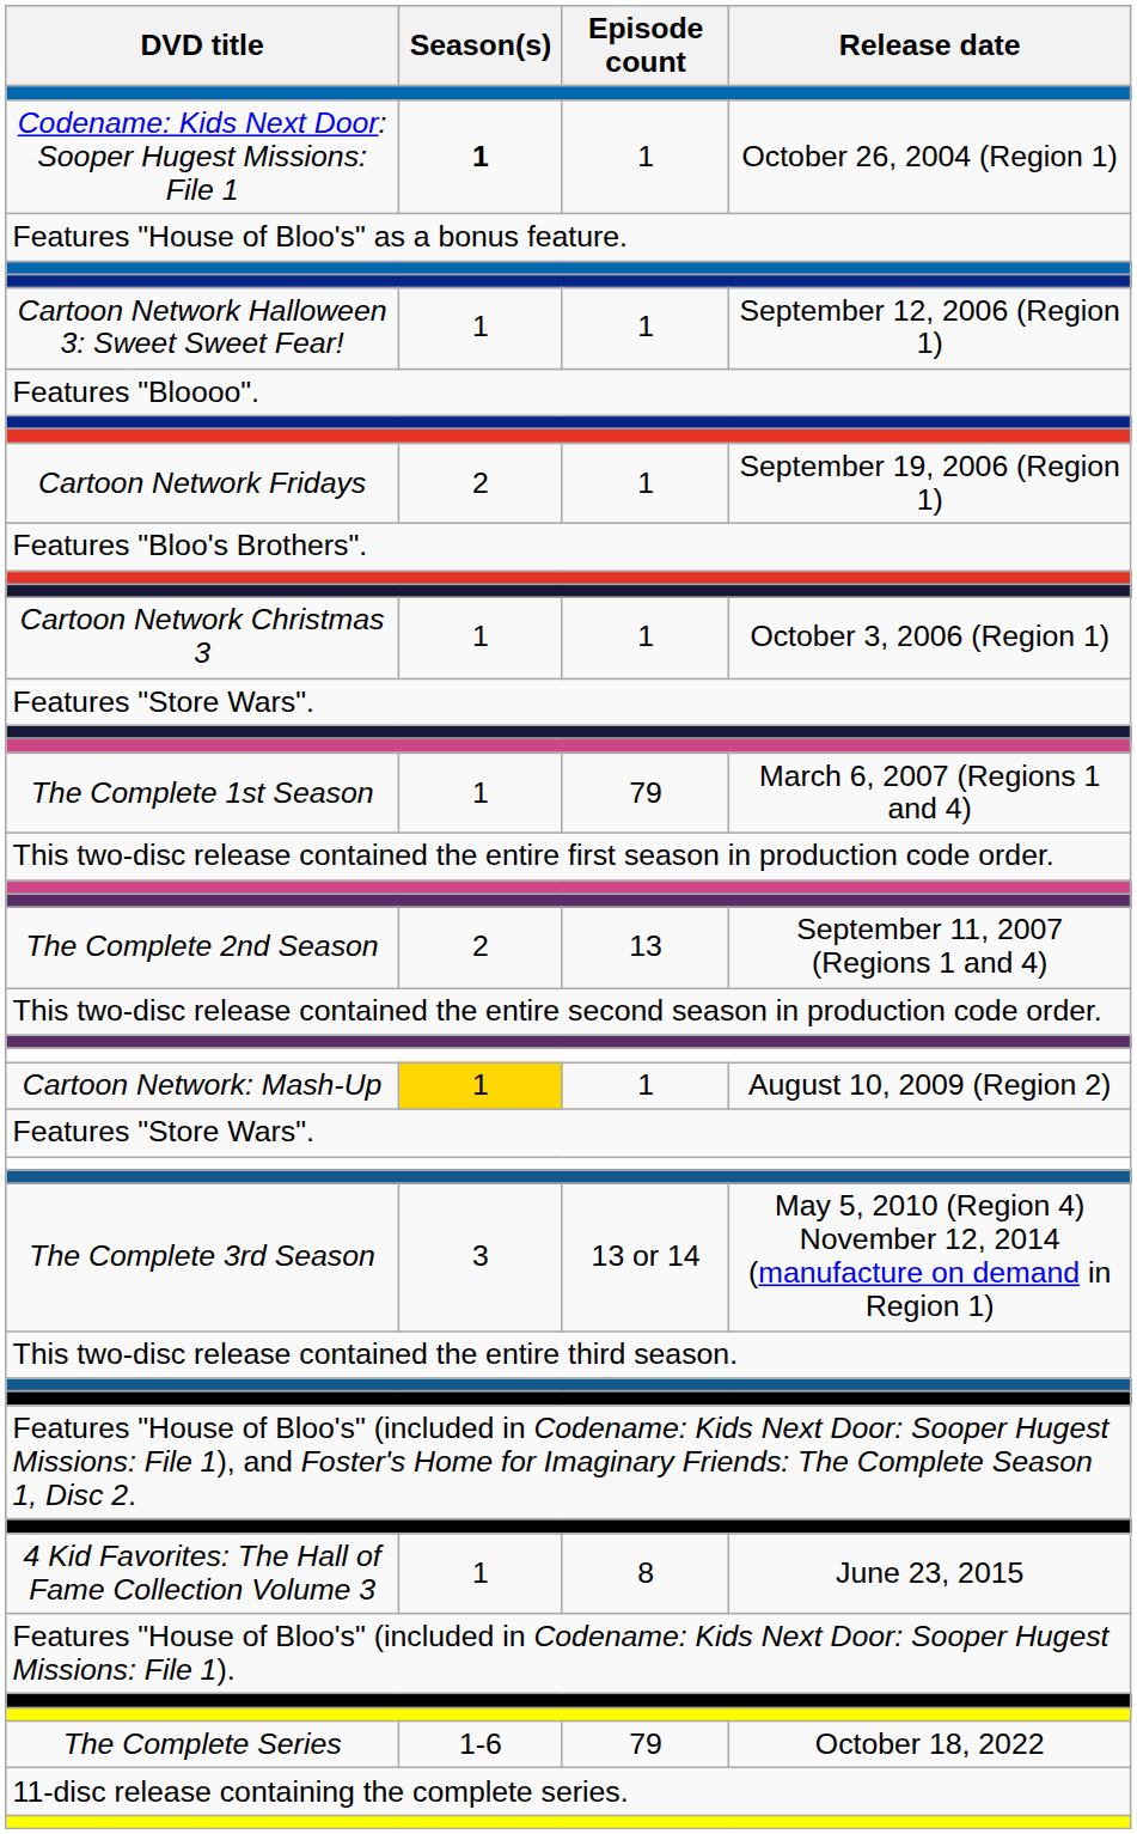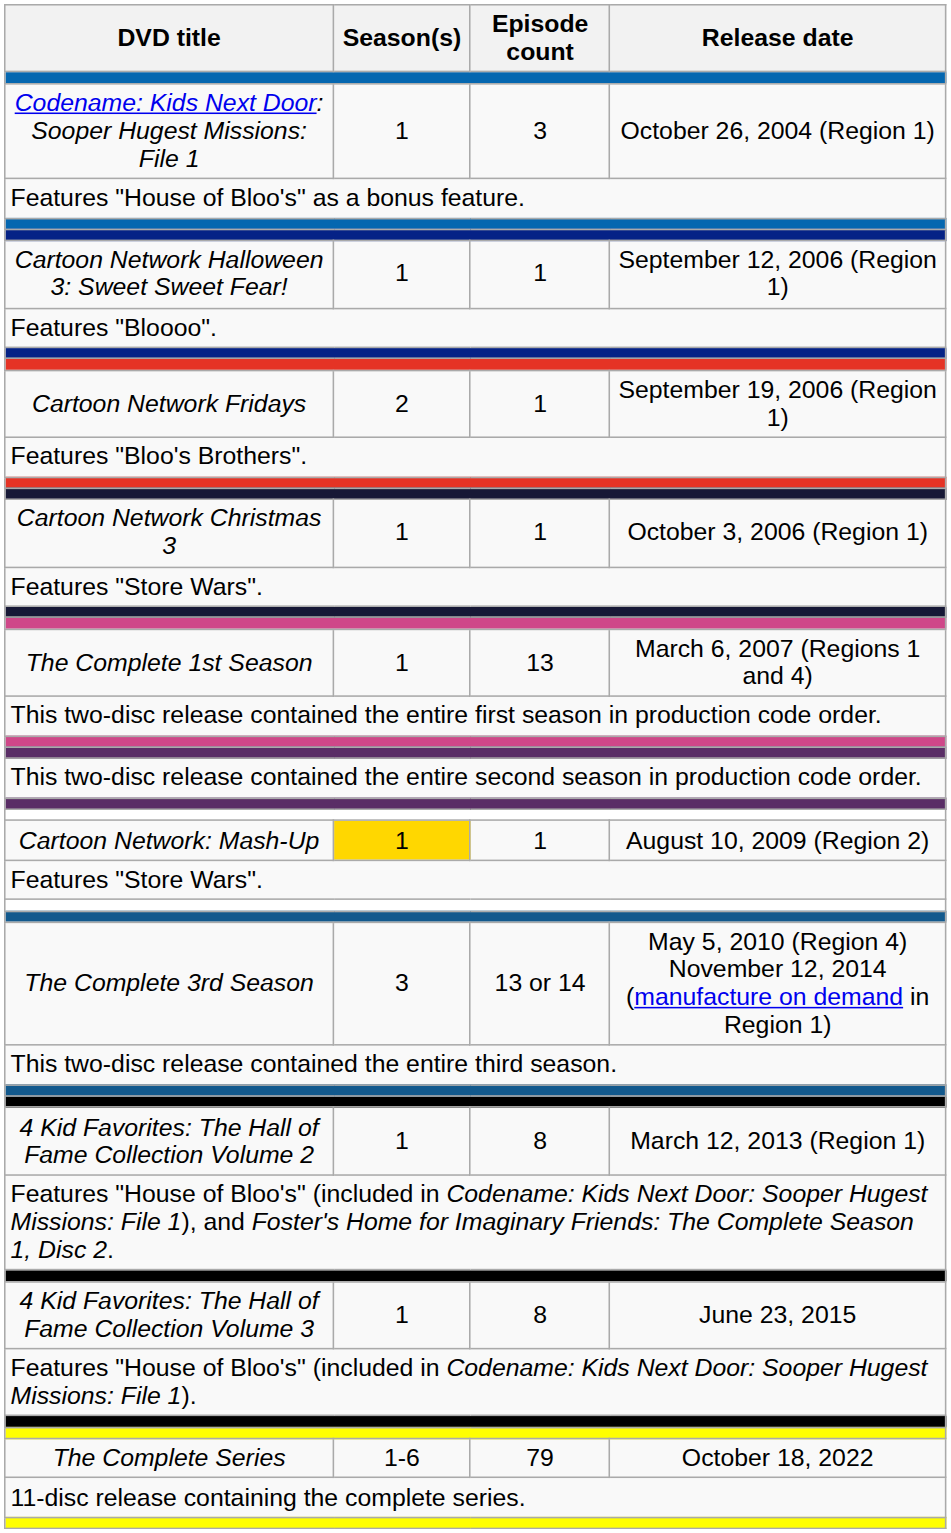 <table class="wikitable">
 <tr>
 <th>DVD title</th>
 <th>Season(s)</th>
 <th>Episode count</th>
 <th>Release date</th>
 </tr>
 <tr>
 <td colspan=4 style="background:#0567b0"></td>
 </tr>
 <tr>
 <td style="text-align: center"><em><a href='#'>Codename: Kids Next Door</a>: Sooper Hugest Missions: File 1</em></td>
-<td style="text-align: center"><strong>1</strong></td>
 <td style="text-align: center">1</td>
+<td style="text-align: center">3</td>
 <td style="text-align: center">October 26, 2004 (Region 1)</td>
 </tr>
 <tr>
 <td colspan=4>Features "House of Bloo's" as a bonus feature.</td>
 </tr>
 <tr>
 <td colspan=4 style="background:#0567b0"></td>
 </tr>
 <tr>
 <td colspan=4 style="background:#052286"></td>
 </tr>
 <tr>
 <td style="text-align: center"><em>Cartoon Network Halloween 3: Sweet Sweet Fear!</em></td>
 <td style="text-align: center">1</td>
 <td style="text-align: center">1</td>
 <td style="text-align: center">September 12, 2006 (Region 1)</td>
 </tr>
 <tr>
 <td colspan=4>Features "Bloooo".</td>
 </tr>
 <tr>
 <td colspan=4 style="background:#052286"></td>
 </tr>
 <tr>
 <td colspan=4 style="background:#e53325"></td>
 </tr>
 <tr>
 <td style="text-align: center"><em>Cartoon Network Fridays</em></td>
 <td style="text-align: center">2</td>
 <td style="text-align: center">1</td>
 <td style="text-align: center">September 19, 2006 (Region 1)</td>
 </tr>
 <tr>
 <td colspan=4>Features "Bloo's Brothers".</td>
 </tr>
 <tr>
 <td colspan=4 style="background:#e53325"></td>
 </tr>
 <tr>
 <td colspan=4 style="background:#171836"></td>
 </tr>
 <tr>
 <td style="text-align: center"><em>Cartoon Network Christmas 3</em></td>
 <td style="text-align: center">1</td>
 <td style="text-align: center">1</td>
 <td style="text-align: center">October 3, 2006 (Region 1)</td>
 </tr>
 <tr>
 <td colspan=4>Features "Store Wars".</td>
 </tr>
 <tr>
 <td colspan=4 style="background:#171836"></td>
 </tr>
 <tr>
 <td colspan=4 style="background:#cf4789"></td>
 </tr>
 <tr>
 <td style="text-align: center"><em>The Complete 1st Season</em></td>
 <td style="text-align: center">1</td>
-<td style="text-align: center">79</td>
+<td style="text-align: center">13</td>
 <td style="text-align: center">March 6, 2007 (Regions 1 and 4)</td>
 </tr>
 <tr>
 <td colspan=4>This two-disc release contained the entire first season in production code order.</td>
 </tr>
 <tr>
 <td colspan=4 style="background:#cf4789"></td>
 </tr>
 <tr>
 <td colspan=4 style="background:#5a2d66"></td>
-</tr>
-<tr>
-<td style="text-align: center"><em>The Complete 2nd Season</em></td>
-<td style="text-align: center">2</td>
-<td style="text-align: center">13</td>
-<td style="text-align: center">September 11, 2007 (Regions 1 and 4)</td>
 </tr>
 <tr>
 <td colspan=4>This two-disc release contained the entire second season in production code order.</td>
 </tr>
 <tr>
 <td colspan=4 style="background:#5a2d66"></td>
 </tr>
 <tr>
 <td colspan=4 style="background:white"></td>
 </tr>
 <tr>
 <td style="text-align: center"><em>Cartoon Network: Mash-Up</em></td>
 <td style="background: gold; text-align: center">1</td>
 <td style="text-align: center">1</td>
 <td style="text-align: center">August 10, 2009 (Region 2)</td>
 </tr>
 <tr>
 <td colspan=4>Features "Store Wars".</td>
 </tr>
 <tr>
 <td colspan=4 style="background:white"></td>
 </tr>
 <tr>
 <td colspan=4 style="background:#12598d"></td>
 </tr>
 <tr>
 <td style="text-align: center"><em>The Complete 3rd Season</em></td>
 <td style="text-align: center">3</td>
 <td style="text-align: center">13 or 14</td>
 <td style="text-align: center">May 5, 2010 (Region 4)<br>November 12, 2014 (<a href='#'>manufacture on demand</a> in Region 1)</td>
 </tr>
 <tr>
 <td colspan=4>This two-disc release contained the entire third season.</td>
 </tr>
 <tr>
 <td colspan=4 style="background:#12598d"></td>
 </tr>
 <tr>
 <td colspan=4 style="background:black"></td>
 </tr>
 <tr>
+<td style="text-align: center"><em>4 Kid Favorites: The Hall of Fame Collection Volume 2</em></td>
+<td style="text-align: center">1</td>
+<td style="text-align: center">8</td>
+<td style="text-align: center">March 12, 2013 (Region 1)</td>
+</tr>
+<tr>
 <td colspan=4>Features "House of Bloo's" (included in <em>Codename: Kids Next Door: Sooper Hugest Missions: File 1</em>), and <em>Foster's Home for Imaginary Friends: The Complete Season 1, Disc 2</em>.</td>
 </tr>
 <tr>
 <td colspan=4 style="background:black"></td>
 </tr>
 <tr>
 <td style="text-align: center"><em>4 Kid Favorites: The Hall of Fame Collection Volume 3</em></td>
 <td style="text-align: center">1</td>
 <td style="text-align: center">8</td>
 <td style="text-align: center">June 23, 2015</td>
 </tr>
 <tr>
 <td colspan=4>Features "House of Bloo's" (included in <em>Codename: Kids Next Door: Sooper Hugest Missions: File 1</em>).</td>
 </tr>
 <tr>
 <td colspan=4 style="background:black"></td>
 </tr>
 <tr>
 <td colspan=4 style="background:yellow"></td>
 </tr>
 <tr>
 <td style="text-align: center"><em>The Complete Series</em></td>
 <td style="text-align: center">1-6</td>
 <td style="text-align: center">79</td>
 <td style="text-align: center">October 18, 2022</td>
 </tr>
 <tr>
 <td colspan="4">11-disc release containing the complete series.</td>
 </tr>
 <tr>
 <td colspan=4 style="background:yellow"></td>
 </tr>
 </table>
